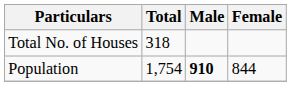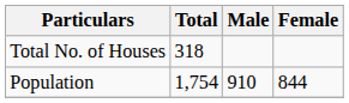 <table class="wikitable sortable">
 <tr>
 <th>Particulars</th>
 <th>Total</th>
 <th>Male</th>
 <th>Female</th>
 </tr>
 <tr>
 <td>Total No. of Houses</td>
 <td>318</td>
 <td></td>
 <td></td>
 </tr>
 <tr>
 <td>Population</td>
 <td>1,754</td>
-<td><strong>910</strong></td>
+<td>910</td>
 <td>844</td>
 </tr>
 <tr>
 </tr>
 </table>
